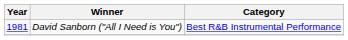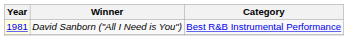 <table class="wikitable">
 <tr>
 <th align="left">Year</th>
 <th align="left">Winner</th>
 <th align="left">Category</th>
 </tr>
 <tr>
-<td align="left"><a href='#'>1981</a></td>
+<td align="left" style="background: lightyellow;"><a href='#'>1981</a></td>
 <td align="left"><em>David Sanborn ("All I Need is You")</em></td>
 <td align="left"><a href='#'>Best R&B Instrumental Performance</a></td>
 </tr>
 <tr>
 </tr>
 </table>
